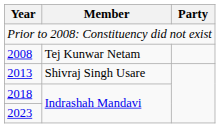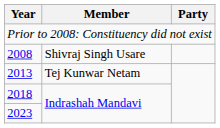 <table class="wikitable sortable">
 <tr>
 <th>Year</th>
 <th>Member</th>
 <th colspan="2">Party</th>
 </tr>
 <tr>
 <td colspan=4><em>Prior to 2008: Constituency did not exist</em></td>
 </tr>
 <tr>
 <td><a href='#'>2008</a></td>
-<td>Tej Kunwar Netam</td>
+<td>Shivraj Singh Usare</td>
 <td></td>
 </tr>
 <tr>
 <td><a href='#'>2013</a></td>
-<td>Shivraj Singh Usare</td>
+<td>Tej Kunwar Netam</td>
 </tr>
 <tr>
 <td><a href='#'>2018</a></td>
 <td rowspan="2"><a href='#'>Indrashah Mandavi</a></td>
 </tr>
 <tr>
 <td><a href='#'>2023</a></td>
 </tr>
 </table>
